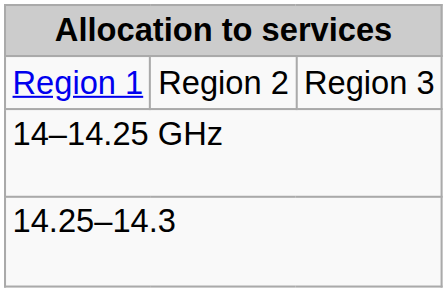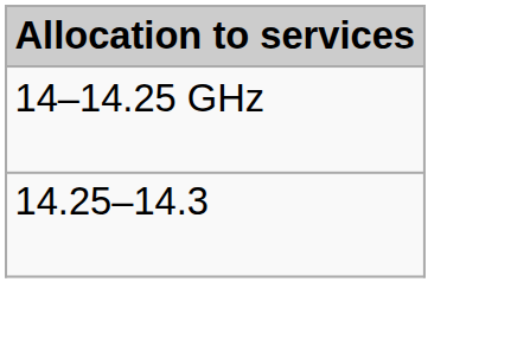 <table class=wikitable>
 <tr bgcolor="#CCCCCC" align="center">
 <td align="center" colspan="3"><strong>Allocation to services</strong></td>
-</tr>
-<tr align="center">
-<td align="center"><a href='#'>Region 1</a></td>
-<td>Region 2</td>
-<td>Region 3</td>
 </tr>
 <tr>
 <td colspan="3">14–14.25 GHz <br><br></td>
 </tr>
 <tr>
 <td colspan="3">14.25–14.3 <br><br></td>
 </tr>
 </table>
